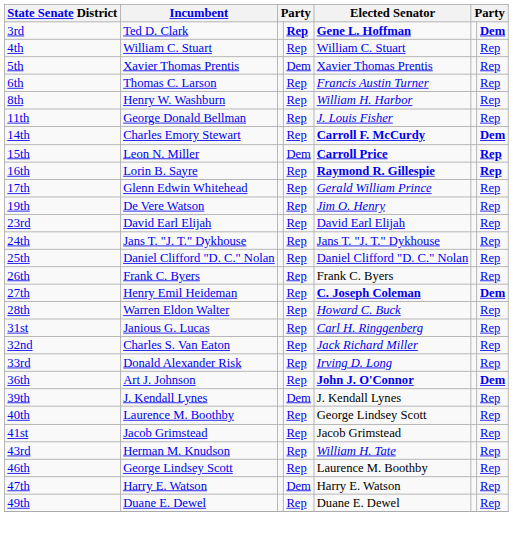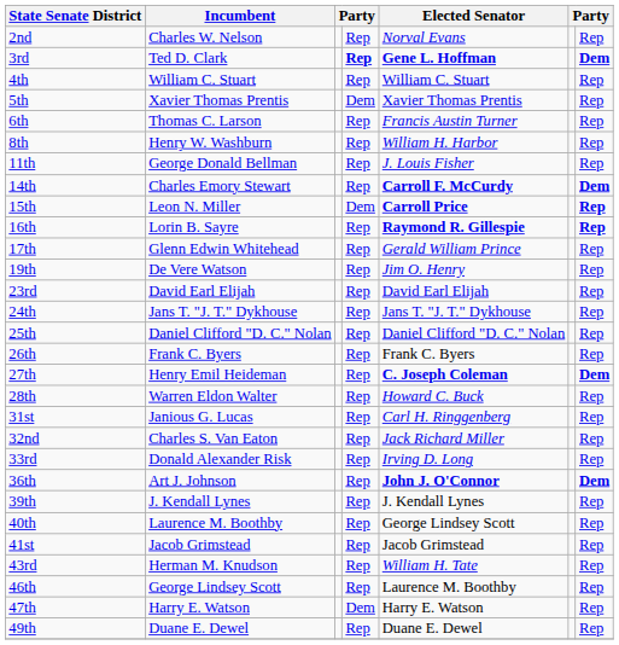 <table class="sortable wikitable" style="font-size:95%;line-height:14px;">
 <tr>
 <th class="unsortable"><a href='#'>State Senate</a> District</th>
 <th class="unsortable"><a href='#'>Incumbent</a></th>
 <th colspan="2">Party</th>
 <th class="unsortable">Elected Senator</th>
 <th colspan="2">Party</th>
+</tr>
+<tr>
+<td><a href='#'>2nd</a></td>
+<td><a href='#'>Charles W. Nelson</a></td>
+<td style="background:"></td>
+<td><a href='#'>Rep</a></td>
+<td><em><a href='#'>Norval Evans</a></em></td>
+<td style="background:"></td>
+<td><a href='#'>Rep</a></td>
 </tr>
 <tr>
 <td><a href='#'>3rd</a></td>
 <td><a href='#'>Ted D. Clark</a></td>
 <td style="background:"></td>
 <td><strong><a href='#'>Rep</a></strong></td>
 <td><strong><a href='#'>Gene L. Hoffman</a></strong></td>
 <td style="background:"></td>
 <td><strong><a href='#'>Dem</a></strong></td>
 </tr>
 <tr>
 <td><a href='#'>4th</a></td>
 <td><a href='#'>William C. Stuart</a></td>
 <td style="background:"></td>
 <td><a href='#'>Rep</a></td>
 <td><a href='#'>William C. Stuart</a></td>
 <td style="background:"></td>
 <td><a href='#'>Rep</a></td>
 </tr>
 <tr>
 <td><a href='#'>5th</a></td>
 <td><a href='#'>Xavier Thomas Prentis</a></td>
 <td style="background:"></td>
 <td><a href='#'>Dem</a></td>
 <td><a href='#'>Xavier Thomas Prentis</a></td>
 <td style="background:"></td>
 <td><a href='#'>Rep</a></td>
 </tr>
 <tr>
 <td><a href='#'>6th</a></td>
 <td><a href='#'>Thomas C. Larson</a></td>
 <td style="background:"></td>
 <td><a href='#'>Rep</a></td>
 <td><em><a href='#'>Francis Austin Turner</a></em></td>
 <td style="background:"></td>
 <td><a href='#'>Rep</a></td>
 </tr>
 <tr>
 <td><a href='#'>8th</a></td>
 <td><a href='#'>Henry W. Washburn</a></td>
 <td style="background:"></td>
 <td><a href='#'>Rep</a></td>
 <td><em><a href='#'>William H. Harbor</a></em></td>
 <td style="background:"></td>
 <td><a href='#'>Rep</a></td>
 </tr>
 <tr>
 <td><a href='#'>11th</a></td>
 <td><a href='#'>George Donald Bellman</a></td>
 <td style="background:"></td>
 <td><a href='#'>Rep</a></td>
 <td><em><a href='#'>J. Louis Fisher</a></em></td>
 <td style="background:"></td>
 <td><a href='#'>Rep</a></td>
 </tr>
 <tr>
 <td><a href='#'>14th</a></td>
 <td><a href='#'>Charles Emory Stewart</a></td>
 <td style="background:"></td>
 <td><a href='#'>Rep</a></td>
 <td><strong><a href='#'>Carroll F. McCurdy</a></strong></td>
 <td style="background:"></td>
 <td><strong><a href='#'>Dem</a></strong></td>
 </tr>
 <tr>
 <td><a href='#'>15th</a></td>
 <td><a href='#'>Leon N. Miller</a></td>
 <td style="background:"></td>
 <td><a href='#'>Dem</a></td>
 <td><strong><a href='#'>Carroll Price</a></strong></td>
 <td style="background:"></td>
 <td><strong><a href='#'>Rep</a></strong></td>
 </tr>
 <tr>
 <td><a href='#'>16th</a></td>
 <td><a href='#'>Lorin B. Sayre</a></td>
 <td style="background:"></td>
 <td><a href='#'>Rep</a></td>
 <td><strong><a href='#'>Raymond R. Gillespie</a></strong></td>
 <td style="background:"></td>
 <td><strong><a href='#'>Rep</a></strong></td>
 </tr>
 <tr>
 <td><a href='#'>17th</a></td>
 <td><a href='#'>Glenn Edwin Whitehead</a></td>
 <td style="background:"></td>
 <td><a href='#'>Rep</a></td>
 <td><em><a href='#'>Gerald William Prince</a></em></td>
 <td style="background:"></td>
 <td><a href='#'>Rep</a></td>
 </tr>
 <tr>
 <td><a href='#'>19th</a></td>
 <td><a href='#'>De Vere Watson</a></td>
 <td style="background:"></td>
 <td><a href='#'>Rep</a></td>
 <td><em><a href='#'>Jim O. Henry</a></em></td>
 <td style="background:"></td>
 <td><a href='#'>Rep</a></td>
 </tr>
 <tr>
 <td><a href='#'>23rd</a></td>
 <td><a href='#'>David Earl Elijah</a></td>
 <td style="background:"></td>
 <td><a href='#'>Rep</a></td>
 <td><a href='#'>David Earl Elijah</a></td>
 <td style="background:"></td>
 <td><a href='#'>Rep</a></td>
 </tr>
 <tr>
 <td><a href='#'>24th</a></td>
 <td><a href='#'>Jans T. "J. T." Dykhouse</a></td>
 <td style="background:"></td>
 <td><a href='#'>Rep</a></td>
 <td><a href='#'>Jans T. "J. T." Dykhouse</a></td>
 <td style="background:"></td>
 <td><a href='#'>Rep</a></td>
 </tr>
 <tr>
 <td><a href='#'>25th</a></td>
 <td><a href='#'>Daniel Clifford "D. C." Nolan</a></td>
 <td style="background:"></td>
 <td><a href='#'>Rep</a></td>
 <td><a href='#'>Daniel Clifford "D. C." Nolan</a></td>
 <td style="background:"></td>
 <td><a href='#'>Rep</a></td>
 </tr>
 <tr>
 <td><a href='#'>26th</a></td>
 <td><a href='#'>Frank C. Byers</a></td>
 <td style="background:"></td>
 <td><a href='#'>Rep</a></td>
 <td>Frank C. Byers</td>
 <td style="background:"></td>
 <td><a href='#'>Rep</a></td>
 </tr>
 <tr>
 <td><a href='#'>27th</a></td>
 <td><a href='#'>Henry Emil Heideman</a></td>
 <td style="background:"></td>
 <td><a href='#'>Rep</a></td>
 <td><strong><a href='#'>C. Joseph Coleman</a></strong></td>
 <td style="background:"></td>
 <td><strong><a href='#'>Dem</a></strong></td>
 </tr>
 <tr>
 <td><a href='#'>28th</a></td>
 <td><a href='#'>Warren Eldon Walter</a></td>
 <td style="background:"></td>
 <td><a href='#'>Rep</a></td>
 <td><em><a href='#'>Howard C. Buck</a></em></td>
 <td style="background:"></td>
 <td><a href='#'>Rep</a></td>
 </tr>
 <tr>
 <td><a href='#'>31st</a></td>
 <td><a href='#'>Janious G. Lucas</a></td>
 <td style="background:"></td>
 <td><a href='#'>Rep</a></td>
 <td><em><a href='#'>Carl H. Ringgenberg</a></em></td>
 <td style="background:"></td>
 <td><a href='#'>Rep</a></td>
 </tr>
 <tr>
 <td><a href='#'>32nd</a></td>
 <td><a href='#'>Charles S. Van Eaton</a></td>
 <td style="background:"></td>
 <td><a href='#'>Rep</a></td>
 <td><em><a href='#'>Jack Richard Miller</a></em></td>
 <td style="background:"></td>
 <td><a href='#'>Rep</a></td>
 </tr>
 <tr>
 <td><a href='#'>33rd</a></td>
 <td><a href='#'>Donald Alexander Risk</a></td>
 <td style="background:"></td>
 <td><a href='#'>Rep</a></td>
 <td><em><a href='#'>Irving D. Long</a></em></td>
 <td style="background:"></td>
 <td><a href='#'>Rep</a></td>
 </tr>
 <tr>
 <td><a href='#'>36th</a></td>
 <td><a href='#'>Art J. Johnson</a></td>
 <td style="background:"></td>
 <td><a href='#'>Rep</a></td>
 <td><strong><a href='#'>John J. O'Connor</a></strong></td>
 <td style="background:"></td>
 <td><strong><a href='#'>Dem</a></strong></td>
 </tr>
 <tr>
 <td><a href='#'>39th</a></td>
 <td><a href='#'>J. Kendall Lynes</a></td>
 <td style="background:"></td>
-<td><a href='#'>Dem</a></td>
+<td><a href='#'>Rep</a></td>
 <td>J. Kendall Lynes</td>
 <td style="background:"></td>
 <td><a href='#'>Rep</a></td>
 </tr>
 <tr>
 <td><a href='#'>40th</a></td>
 <td><a href='#'>Laurence M. Boothby</a></td>
 <td style="background:"></td>
 <td><a href='#'>Rep</a></td>
 <td>George Lindsey Scott</td>
 <td style="background:"></td>
 <td><a href='#'>Rep</a></td>
 </tr>
 <tr>
 <td><a href='#'>41st</a></td>
 <td><a href='#'>Jacob Grimstead</a></td>
 <td style="background:"></td>
 <td><a href='#'>Rep</a></td>
 <td>Jacob Grimstead</td>
 <td style="background:"></td>
 <td><a href='#'>Rep</a></td>
 </tr>
 <tr>
 <td><a href='#'>43rd</a></td>
 <td><a href='#'>Herman M. Knudson</a></td>
 <td style="background:"></td>
 <td><a href='#'>Rep</a></td>
 <td><em><a href='#'>William H. Tate</a></em></td>
 <td style="background:"></td>
 <td><a href='#'>Rep</a></td>
 </tr>
 <tr>
 <td><a href='#'>46th</a></td>
 <td><a href='#'>George Lindsey Scott</a></td>
 <td style="background:"></td>
 <td><a href='#'>Rep</a></td>
 <td>Laurence M. Boothby</td>
 <td style="background:"></td>
 <td><a href='#'>Rep</a></td>
 </tr>
 <tr>
 <td><a href='#'>47th</a></td>
 <td><a href='#'>Harry E. Watson</a></td>
 <td style="background:"></td>
 <td><a href='#'>Dem</a></td>
 <td>Harry E. Watson</td>
 <td style="background:"></td>
 <td><a href='#'>Rep</a></td>
 </tr>
 <tr>
 <td><a href='#'>49th</a></td>
 <td><a href='#'>Duane E. Dewel</a></td>
 <td style="background:"></td>
 <td><a href='#'>Rep</a></td>
 <td>Duane E. Dewel</td>
 <td style="background:"></td>
 <td><a href='#'>Rep</a></td>
 </tr>
 <tr>
 </tr>
 </table>
